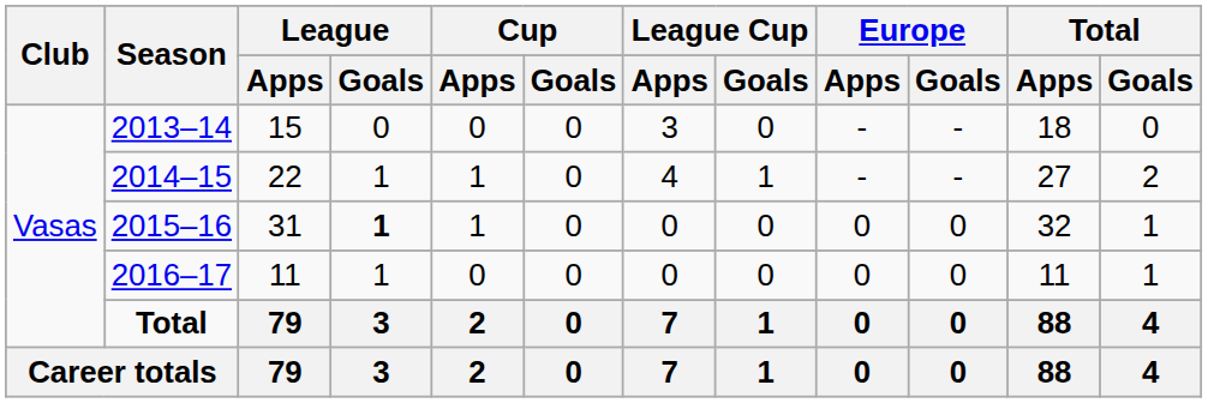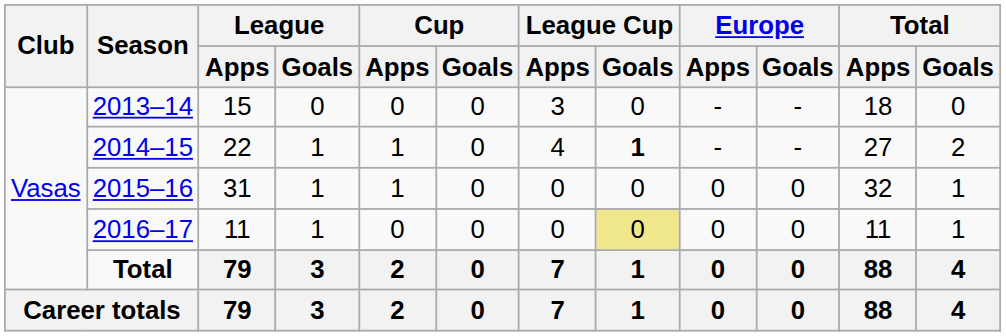 <table class="wikitable" style="font-size:90%; text-align: center;">
 <tr>
 <th rowspan="2">Club</th>
 <th rowspan="2">Season</th>
 <th colspan="2">League</th>
 <th colspan="2">Cup</th>
 <th colspan="2">League Cup</th>
 <th colspan="2"><a href='#'>Europe</a></th>
 <th colspan="2">Total</th>
 </tr>
 <tr>
 <th>Apps</th>
 <th>Goals</th>
 <th>Apps</th>
 <th>Goals</th>
 <th>Apps</th>
 <th>Goals</th>
 <th>Apps</th>
 <th>Goals</th>
 <th>Apps</th>
 <th>Goals</th>
 </tr>
 <tr>
 <td rowspan="5" align=center valign=center><a href='#'>Vasas</a></td>
 <td !colspan="2"><a href='#'>2013–14</a></td>
 <td>15</td>
 <td>0</td>
 <td>0</td>
 <td>0</td>
 <td>3</td>
 <td>0</td>
 <td>-</td>
 <td>-</td>
 <td>18</td>
 <td>0</td>
 </tr>
 <tr>
 <td !colspan="2"><a href='#'>2014–15</a></td>
 <td>22</td>
 <td>1</td>
 <td>1</td>
 <td>0</td>
 <td>4</td>
-<td>1</td>
+<td><strong>1</strong></td>
 <td>-</td>
 <td>-</td>
 <td>27</td>
 <td>2</td>
 </tr>
 <tr>
 <td !colspan="2"><a href='#'>2015–16</a></td>
 <td>31</td>
-<td><strong>1</strong></td>
+<td>1</td>
 <td>1</td>
 <td>0</td>
 <td>0</td>
 <td>0</td>
 <td>0</td>
 <td>0</td>
 <td>32</td>
 <td>1</td>
 </tr>
 <tr>
 <td !colspan="2"><a href='#'>2016–17</a></td>
 <td>11</td>
 <td>1</td>
 <td>0</td>
 <td>0</td>
 <td>0</td>
-<td>0</td>
+<td style="background: khaki;">0</td>
 <td>0</td>
 <td>0</td>
 <td>11</td>
 <td>1</td>
 </tr>
 <tr>
 <td !colspan="2"><strong>Total</strong></td>
 <th>79</th>
 <th>3</th>
 <th>2</th>
 <th>0</th>
 <th>7</th>
 <th>1</th>
 <th>0</th>
 <th>0</th>
 <th>88</th>
 <th>4</th>
 </tr>
 <tr>
 <th colspan="2">Career totals</th>
 <th>79</th>
 <th>3</th>
 <th>2</th>
 <th>0</th>
 <th>7</th>
 <th>1</th>
 <th>0</th>
 <th>0</th>
 <th>88</th>
 <th>4</th>
 </tr>
 </table>
